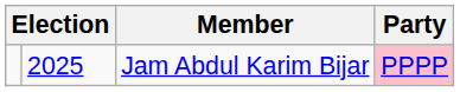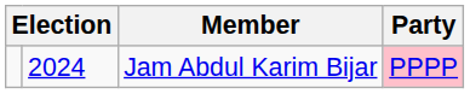 <table class="wikitable">
 <tr>
 <th colspan="2">Election</th>
 <th>Member</th>
 <th>Party</th>
 </tr>
 <tr>
 <td style="background-color: "></td>
-<td><a href='#'>2025</a></td>
+<td><a href='#'>2024</a></td>
 <td><a href='#'>Jam Abdul Karim Bijar</a></td>
 <td style="background: pink;"><a href='#'>PPPP</a></td>
 </tr>
 </table>
